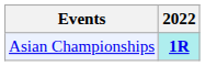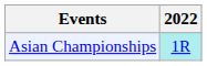 <table style='font-size: 90%; text-align:center;' class='wikitable'>
 <tr>
 <th>Events</th>
 <th>2022</th>
 </tr>
 <tr>
 <td bgcolor="#ECF2FF"; align="left"><a href='#'>Asian Championships</a></td>
-<td bgcolor=AFEEEE><strong><a href='#'>1R</a></strong></td>
+<td bgcolor=AFEEEE><a href='#'>1R</a></td>
 </tr>
 </table>
